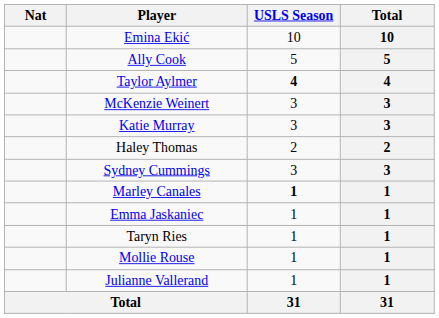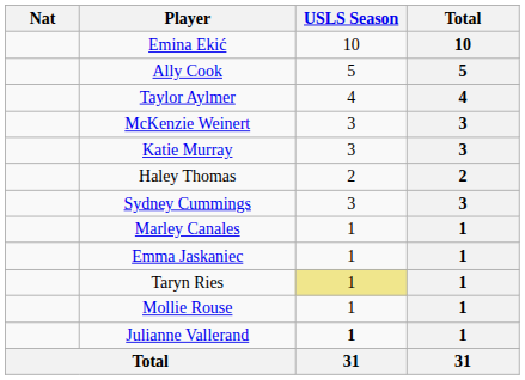 <table class="wikitable" style="text-align:center;">
 <tr>
 <th style="width:64px;">Nat</th>
 <th style="width:200px;">Player</th>
 <th style="width:100px;"><a href='#'>USLS Season</a></th>
 <th style="width:100px;">Total</th>
 </tr>
 <tr>
 <td></td>
 <td><a href='#'>Emina Ekić</a></td>
 <td>10</td>
 <th>10</th>
 </tr>
 <tr>
 <td></td>
 <td><a href='#'>Ally Cook</a></td>
 <td>5</td>
 <th>5</th>
 </tr>
 <tr>
 <td></td>
 <td><a href='#'>Taylor Aylmer</a></td>
-<td><strong>4</strong></td>
+<td>4</td>
 <th>4</th>
 </tr>
 <tr>
 <td></td>
 <td><a href='#'>McKenzie Weinert</a></td>
 <td>3</td>
 <th>3</th>
 </tr>
 <tr>
 <td></td>
 <td><a href='#'>Katie Murray</a></td>
 <td>3</td>
 <th>3</th>
 </tr>
 <tr>
 <td></td>
 <td>Haley Thomas</td>
 <td>2</td>
 <th>2</th>
 </tr>
 <tr>
 <td></td>
 <td><a href='#'>Sydney Cummings</a></td>
 <td>3</td>
 <th>3</th>
 </tr>
 <tr>
 <td></td>
 <td><a href='#'>Marley Canales</a></td>
-<td><strong>1</strong></td>
+<td>1</td>
 <th>1</th>
 </tr>
 <tr>
 <td></td>
 <td><a href='#'>Emma Jaskaniec</a></td>
 <td>1</td>
 <th>1</th>
 </tr>
 <tr>
 <td></td>
 <td>Taryn Ries</td>
-<td>1</td>
+<td style="background: khaki;">1</td>
 <th>1</th>
 </tr>
 <tr>
 <td></td>
 <td><a href='#'>Mollie Rouse</a></td>
 <td>1</td>
 <th>1</th>
 </tr>
 <tr>
 <td></td>
 <td><a href='#'>Julianne Vallerand</a></td>
-<td>1</td>
+<td><strong>1</strong></td>
 <th>1</th>
 </tr>
 <tr>
 <th colspan="2">Total</th>
 <th>31</th>
 <th>31</th>
 </tr>
 </table>
